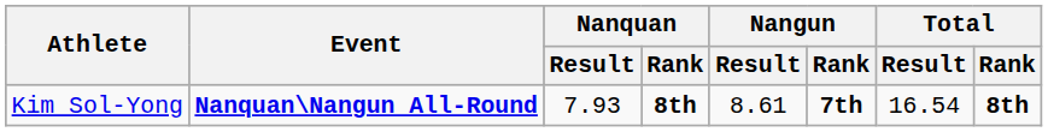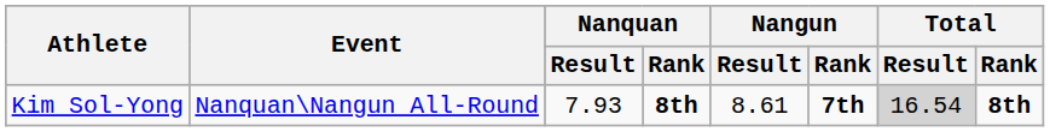 <table class=wikitable style="font-size:90%">
 <tr>
 <th rowspan="2">Athlete</th>
 <th rowspan="2">Event</th>
 <th colspan="2">Nanquan</th>
 <th colspan="2">Nangun</th>
 <th colspan="2">Total</th>
 </tr>
 <tr>
 <th>Result</th>
 <th>Rank</th>
 <th>Result</th>
 <th>Rank</th>
 <th>Result</th>
 <th>Rank</th>
 </tr>
 <tr>
 <td><a href='#'>Kim Sol-Yong</a></td>
-<td><strong><a href='#'>Nanquan\Nangun All-Round</a></strong></td>
+<td><a href='#'>Nanquan\Nangun All-Round</a></td>
 <td align=center>7.93</td>
 <td align=center><strong>8th</strong></td>
 <td align=center>8.61</td>
 <td align=center><strong>7th</strong></td>
-<td align=center>16.54</td>
+<td align=center style="background: lightgrey;">16.54</td>
 <td align=center><strong>8th</strong></td>
 </tr>
 </table>
